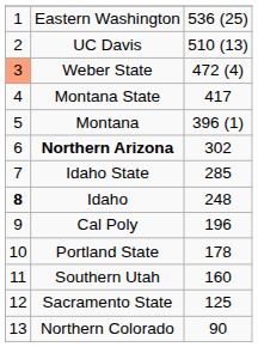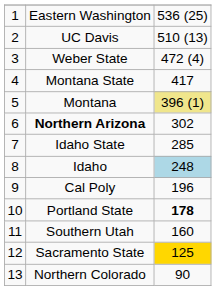 <table class="wikitable" style="display: inline-table;">
 <tr align="center">
 </tr>
 <tr align="center">
 <td>1</td>
 <td>Eastern Washington</td>
 <td>536 (25)</td>
 </tr>
 <tr align="center">
 <td>2</td>
 <td>UC Davis</td>
 <td>510 (13)</td>
 </tr>
 <tr align="center">
-<td style="background: lightsalmon;">3</td>
+<td>3</td>
 <td>Weber State</td>
 <td>472 (4)</td>
 </tr>
 <tr align="center">
 <td>4</td>
 <td>Montana State</td>
 <td>417</td>
 </tr>
 <tr align="center">
 <td>5</td>
 <td>Montana</td>
-<td>396 (1)</td>
+<td style="background: khaki;">396 (1)</td>
 </tr>
 <tr align="center">
 <td>6</td>
 <td><strong>Northern Arizona</strong></td>
 <td>302</td>
 </tr>
 <tr align="center">
 <td>7</td>
 <td>Idaho State</td>
 <td>285</td>
 </tr>
 <tr align="center">
-<td><strong>8</strong></td>
+<td>8</td>
 <td>Idaho</td>
-<td>248</td>
+<td style="background: lightblue;">248</td>
 </tr>
 <tr align="center">
 <td>9</td>
 <td>Cal Poly</td>
 <td>196</td>
 </tr>
 <tr align="center">
 <td>10</td>
 <td>Portland State</td>
-<td>178</td>
+<td><strong>178</strong></td>
 </tr>
 <tr align="center">
 <td>11</td>
 <td>Southern Utah</td>
 <td>160</td>
 </tr>
 <tr align="center">
 <td>12</td>
 <td>Sacramento State</td>
-<td>125</td>
+<td style="background: gold;">125</td>
 </tr>
 <tr align="center">
 <td>13</td>
 <td>Northern Colorado</td>
 <td>90</td>
 </tr>
 </table>
